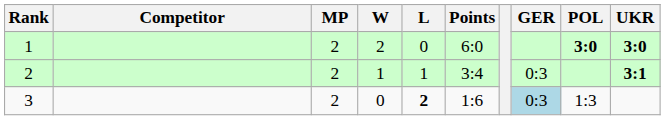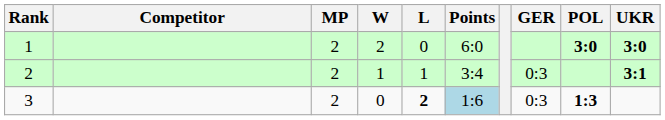 <table class="wikitable" style="text-align:center">
 <tr>
 <th>Rank</th>
 <th style="width:18em">Competitor</th>
 <th style="width:2.5em">MP</th>
 <th style="width:2.5em">W</th>
 <th style="width:2.5em">L</th>
 <th>Points</th>
 <th rowspan="4"> </th>
 <th style="width:2.5em">GER</th>
 <th style="width:2.5em">POL</th>
 <th style="width:2.5em">UKR</th>
 </tr>
 <tr style="background:#cfc;">
 <td>1</td>
 <td style="text-align:left"></td>
 <td>2</td>
 <td>2</td>
 <td>0</td>
 <td>6:0</td>
 <td></td>
 <td><strong>3:0</strong></td>
 <td><strong>3:0</strong></td>
 </tr>
 <tr style="background:#cfc;">
 <td>2</td>
 <td style="text-align:left"></td>
 <td>2</td>
 <td>1</td>
 <td>1</td>
 <td>3:4</td>
 <td>0:3</td>
 <td></td>
 <td><strong>3:1</strong></td>
 </tr>
 <tr>
 <td>3</td>
 <td style="text-align:left"></td>
 <td>2</td>
 <td>0</td>
 <td><strong>2</strong></td>
-<td>1:6</td>
-<td style="background: lightblue;">0:3</td>
-<td>1:3</td>
+<td style="background: lightblue;">1:6</td>
+<td>0:3</td>
+<td><strong>1:3</strong></td>
 <td></td>
 </tr>
 </table>
